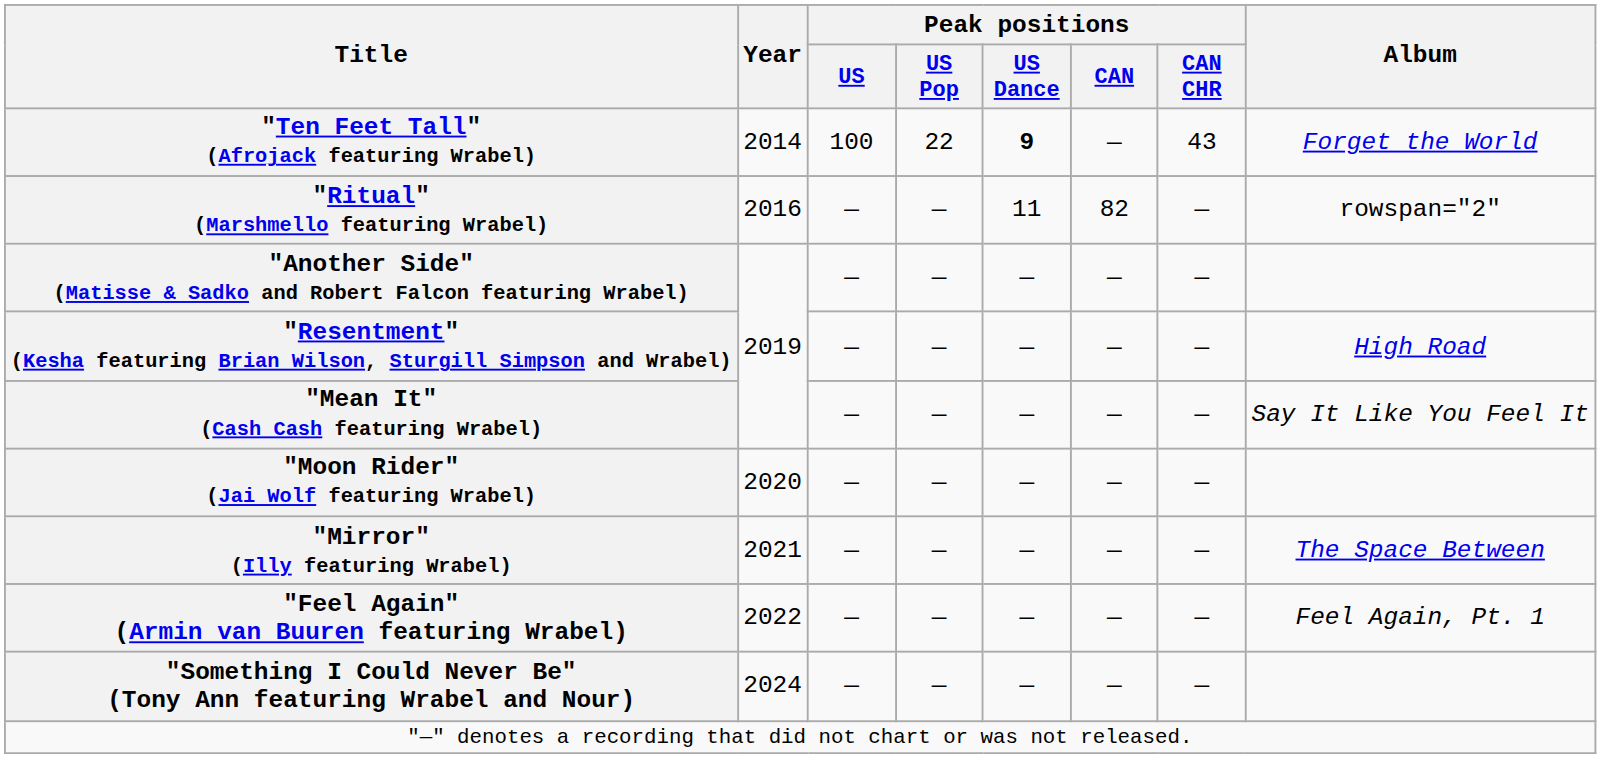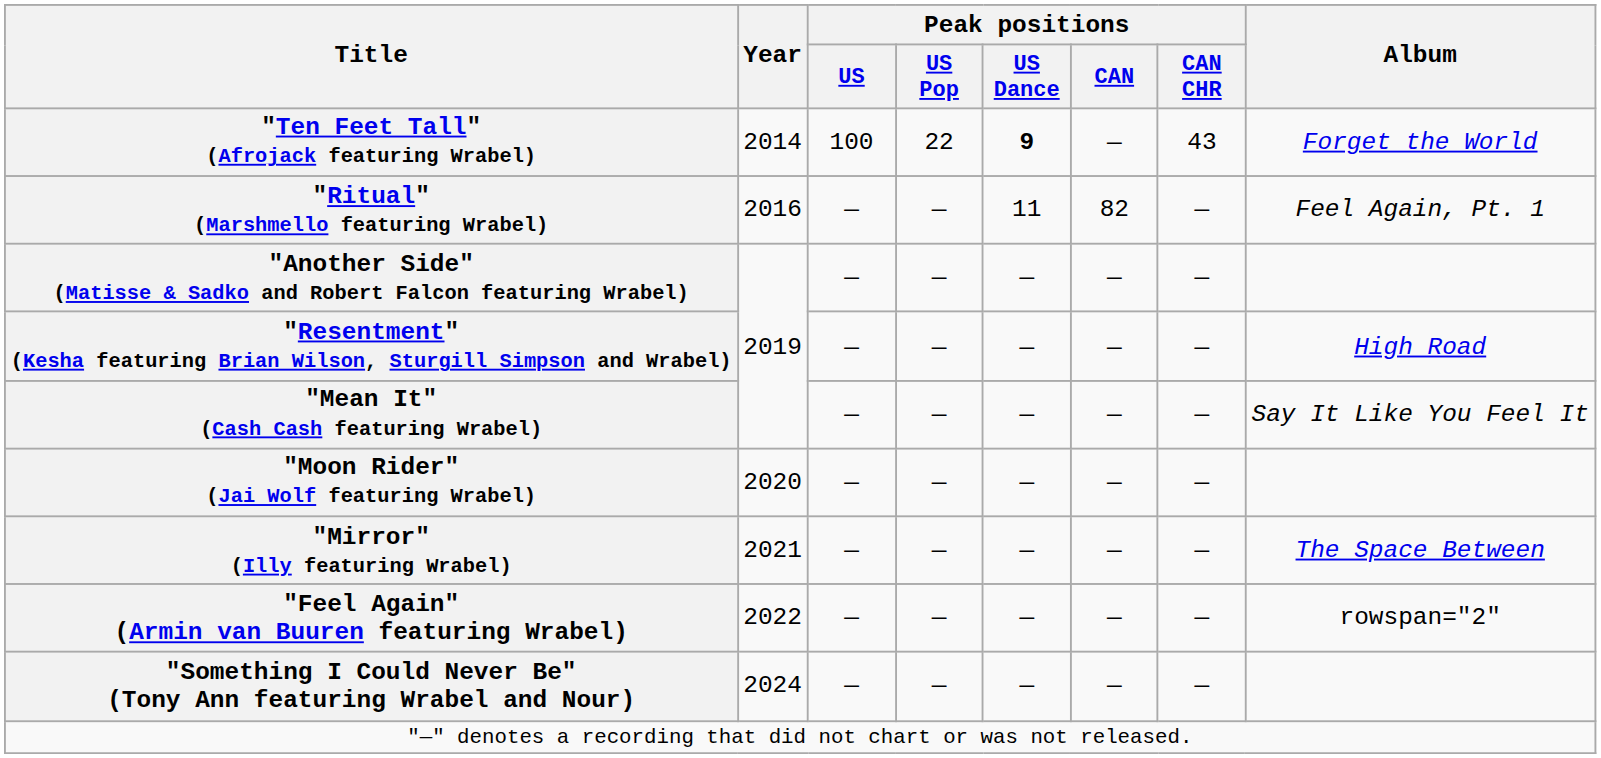 <table class="wikitable plainrowheaders" style="text-align:center;">
 <tr>
 <th rowspan="2">Title</th>
 <th rowspan="2">Year</th>
 <th colspan="5">Peak positions</th>
 <th rowspan="2">Album</th>
 </tr>
 <tr>
 <th scope="col" style="width:3.5em;font-size:90%;"><a href='#'>US</a><br></th>
 <th scope="col" style="width:3.5em;font-size:90%;"><a href='#'>US<br>Pop</a><br></th>
 <th scope="col" style="width:3.5em;font-size:90%;"><a href='#'>US<br>Dance</a><br></th>
 <th scope="col" style="width:3.5em;font-size:90%;"><a href='#'>CAN</a><br></th>
 <th scope="col" style="width:3.5em;font-size:90%;"><a href='#'>CAN<br>CHR</a><br></th>
 </tr>
 <tr>
 <th scope="row">"<a href='#'>Ten Feet Tall</a>"<br><small>(<a href='#'>Afrojack</a> featuring Wrabel)</small></th>
 <td>2014</td>
 <td>100</td>
 <td>22</td>
 <td><strong>9</strong></td>
 <td>—</td>
 <td>43</td>
 <td><em><a href='#'>Forget the World</a></em></td>
 </tr>
 <tr>
 <th scope="row">"<a href='#'>Ritual</a>"<br><small>(<a href='#'>Marshmello</a> featuring Wrabel)</small></th>
 <td>2016</td>
 <td>—</td>
 <td>—</td>
 <td>11</td>
 <td>82</td>
 <td>—</td>
-<td>rowspan="2" </td>
+<td><em>Feel Again,  Pt. 1</em></td>
 </tr>
 <tr>
 <th scope="row">"Another Side"<br><small>(<a href='#'>Matisse & Sadko</a> and Robert Falcon featuring Wrabel)</small></th>
 <td rowspan="3">2019</td>
 <td>—</td>
 <td>—</td>
 <td>—</td>
 <td>—</td>
 <td>—</td>
 </tr>
 <tr>
 <th scope="row">"<a href='#'>Resentment</a>"<br><small>(<a href='#'>Kesha</a> featuring <a href='#'>Brian Wilson</a>, <a href='#'>Sturgill Simpson</a> and Wrabel)</small></th>
 <td>—</td>
 <td>—</td>
 <td>—</td>
 <td>—</td>
 <td>—</td>
 <td><em><a href='#'>High Road</a></em></td>
 </tr>
 <tr>
 <th scope="row">"Mean It"<br><small>(<a href='#'>Cash Cash</a> featuring Wrabel)</small></th>
 <td>—</td>
 <td>—</td>
 <td>—</td>
 <td>—</td>
 <td>—</td>
 <td><em>Say It Like You Feel It</em></td>
 </tr>
 <tr>
 <th scope="row">"Moon Rider"<br><small>(<a href='#'>Jai Wolf</a> featuring Wrabel)</small></th>
 <td>2020</td>
 <td>—</td>
 <td>—</td>
 <td>—</td>
 <td>—</td>
 <td>—</td>
 <td></td>
 </tr>
 <tr>
 <th scope="row">"Mirror"<br><small>(<a href='#'>Illy</a> featuring Wrabel)</small></th>
 <td>2021</td>
 <td>—</td>
 <td>—</td>
 <td>—</td>
 <td>—</td>
 <td>—</td>
 <td><em><a href='#'>The Space Between</a></em></td>
 </tr>
 <tr>
 <th scope="row">"Feel Again" <br><span>(<a href='#'>Armin van Buuren</a> featuring Wrabel)</span></th>
 <td>2022</td>
 <td>—</td>
 <td>—</td>
 <td>—</td>
 <td>—</td>
 <td>—</td>
-<td><em>Feel Again,  Pt. 1</em></td>
+<td>rowspan="2" </td>
 </tr>
 <tr>
 <th scope="row">"Something I Could Never Be" <br><span>(Tony Ann featuring Wrabel and Nour)</span></th>
 <td>2024</td>
 <td>—</td>
 <td>—</td>
 <td>—</td>
 <td>—</td>
 <td>—</td>
 <td></td>
 </tr>
 <tr>
 <td colspan="8" style="font-size:85%">"—" denotes a recording that did not chart or was not released.</td>
 </tr>
 </table>
